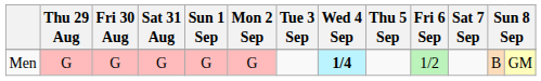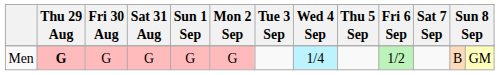 <table class="wikitable" style="margin:0.5em auto; font-size:90%; line-height:1.25em;">
 <tr>
 <th></th>
 <th>Thu 29<br>Aug</th>
 <th>Fri 30<br>Aug</th>
 <th>Sat 31<br>Aug</th>
 <th>Sun 1<br>Sep</th>
 <th>Mon 2<br>Sep</th>
 <th>Tue 3<br>Sep</th>
 <th>Wed 4<br>Sep</th>
 <th>Thu 5<br>Sep</th>
 <th>Fri 6<br>Sep</th>
 <th>Sat 7<br>Sep</th>
 <th colspan="2">Sun 8<br>Sep</th>
 </tr>
 <tr>
 </tr>
 <tr align="center">
 <td align="left">Men</td>
-<td bgcolor="#FFBBBB">G</td>
+<td bgcolor="#FFBBBB"><strong>G</strong></td>
 <td bgcolor="#FFBBBB">G</td>
 <td bgcolor="#FFBBBB">G</td>
 <td bgcolor="#FFBBBB">G</td>
 <td bgcolor="#FFBBBB">G</td>
 <td></td>
-<td bgcolor="#BBF3FF"><strong>1/4</strong></td>
+<td bgcolor="#BBF3FF">1/4</td>
 <td></td>
 <td bgcolor="#BBF3BB">1/2</td>
 <td></td>
 <td bgcolor="#FEDCBA">B</td>
 <td bgcolor="#FFFFBB">GM</td>
 </tr>
 </table>
